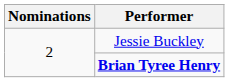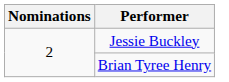 <table class="wikitable" style="text-align: center;">
 <tr>
 <th scope="col" width="55">Nominations</th>
 <th scope="col" align="center">Performer</th>
 </tr>
 <tr>
 <td rowspan="2" style="text-align:center">2</td>
 <td><a href='#'>Jessie Buckley</a></td>
 </tr>
 <tr>
-<td><strong><a href='#'>Brian Tyree Henry</a></strong></td>
+<td><a href='#'>Brian Tyree Henry</a></td>
 </tr>
 </table>
